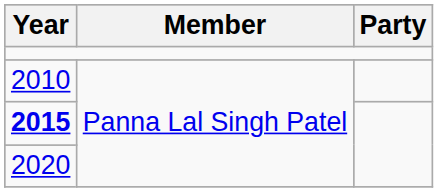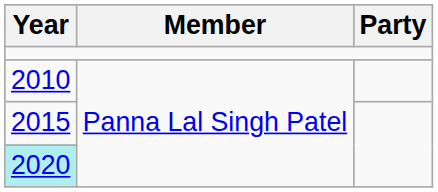 <table class="wikitable sortable">
 <tr>
 <th>Year</th>
 <th>Member</th>
 <th colspan="2">Party</th>
 </tr>
 <tr>
 <td colspan="4"></td>
 </tr>
 <tr>
 <td><a href='#'>2010</a></td>
 <td rowspan="3"><a href='#'>Panna Lal Singh Patel</a></td>
 <td></td>
 </tr>
 <tr>
-<td><strong><a href='#'>2015</a></strong></td>
+<td><a href='#'>2015</a></td>
 </tr>
 <tr>
-<td><a href='#'>2020</a></td>
+<td style="background: paleturquoise;"><a href='#'>2020</a></td>
 </tr>
 </table>
